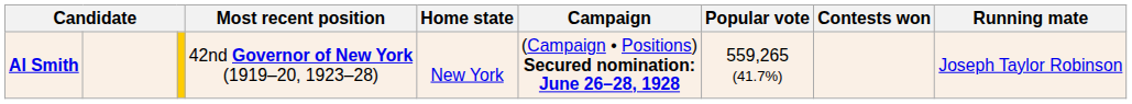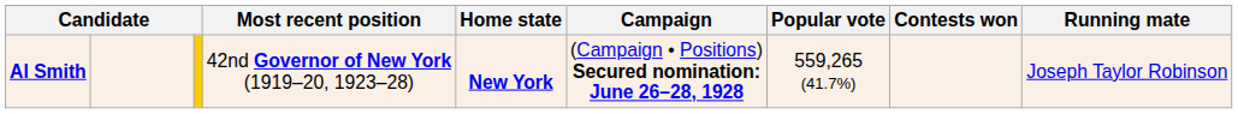 <table class="wikitable sortable" style="text-align:center;">
 <tr>
 <th colspan="3">Candidate</th>
 <th class="unsortable">Most recent position</th>
 <th>Home state</th>
 <th data-sort-type="date">Campaign</th>
 <th>Popular vote</th>
 <th>Contests won</th>
 <th>Running mate</th>
 </tr>
 <tr style="background:linen;">
 <th style="background:linen;" scope="row" data-sort-="Smith"><a href='#'>Al Smith</a></th>
 <td style="min-width:80px;"></td>
 <td style="background:#ffcc00;"></td>
 <td>42nd <strong><a href='#'>Governor of New York</a></strong><br>(1919–20, 1923–28)</td>
-<td><br><a href='#'>New York</a></td>
+<td><strong><br><a href='#'>New York</a></strong></td>
 <td>(<a href='#'>Campaign</a> • <a href='#'>Positions</a>)<br><strong>Secured nomination:<br> <a href='#'>June 26–28, 1928</a></strong></td>
 <td>559,265<br><small>(41.7%)</small></td>
 <td></td>
 <td><a href='#'>Joseph Taylor Robinson</a></td>
 </tr>
 </table>
